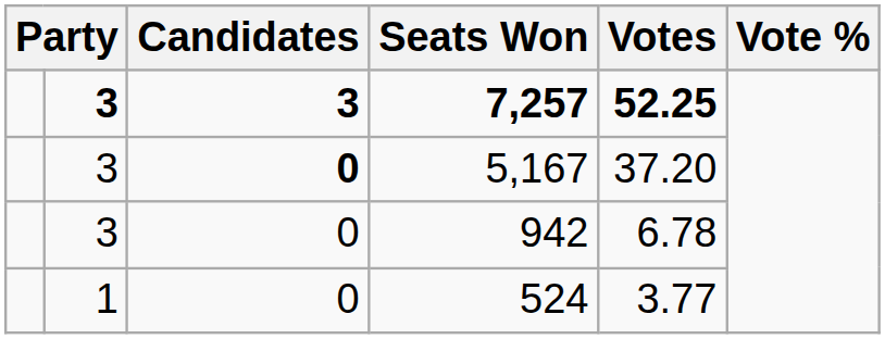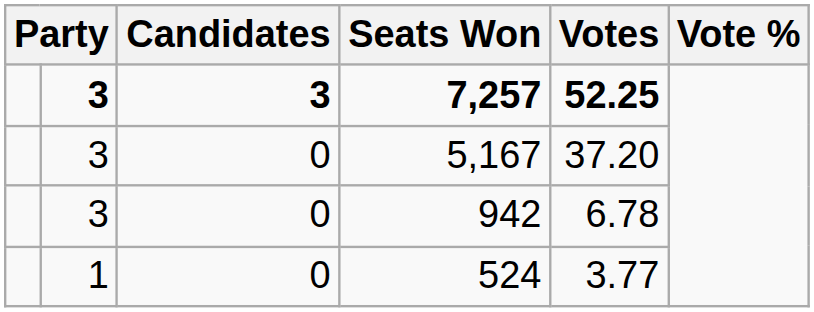 <table class="wikitable" style="text-align: right;">
 <tr>
 <th colspan=2>Party</th>
 <th scope="col" text-align="right">Candidates</th>
 <th>Seats Won</th>
 <th>Votes</th>
 <th>Vote %</th>
 </tr>
 <tr style="font-weight: bold;">
 <td></td>
 <td>3</td>
 <td>3</td>
 <td>7,257</td>
 <td>52.25</td>
 </tr>
 <tr>
 <td></td>
 <td>3</td>
-<td><strong>0</strong></td>
+<td>0</td>
 <td>5,167</td>
 <td>37.20</td>
 </tr>
 <tr>
 <td></td>
 <td>3</td>
 <td>0</td>
 <td>942</td>
 <td>6.78</td>
 </tr>
 <tr>
 <td></td>
 <td>1</td>
 <td>0</td>
 <td>524</td>
 <td>3.77</td>
 </tr>
 </table>
